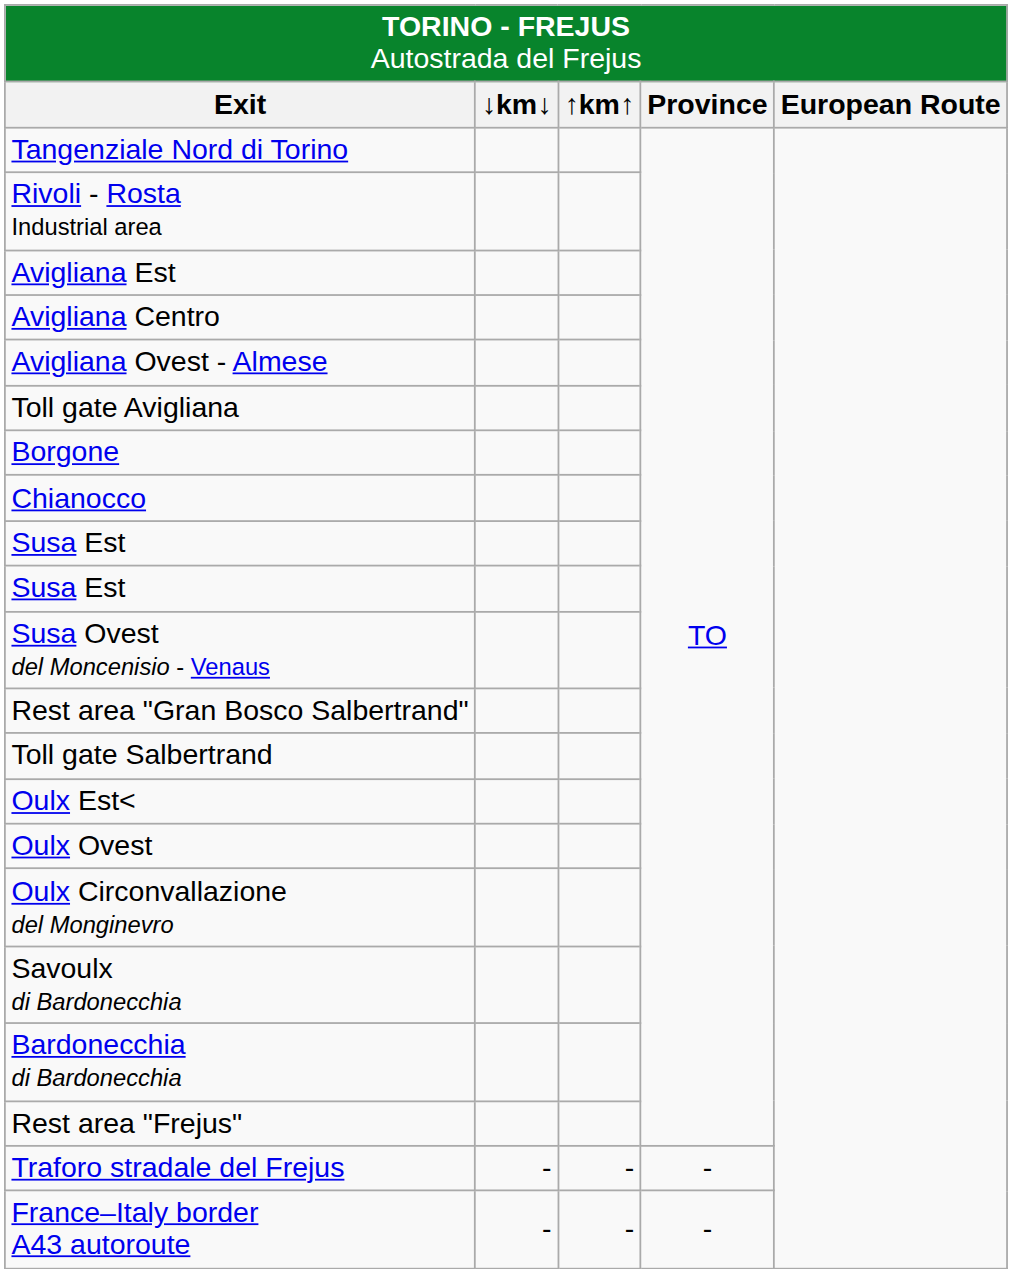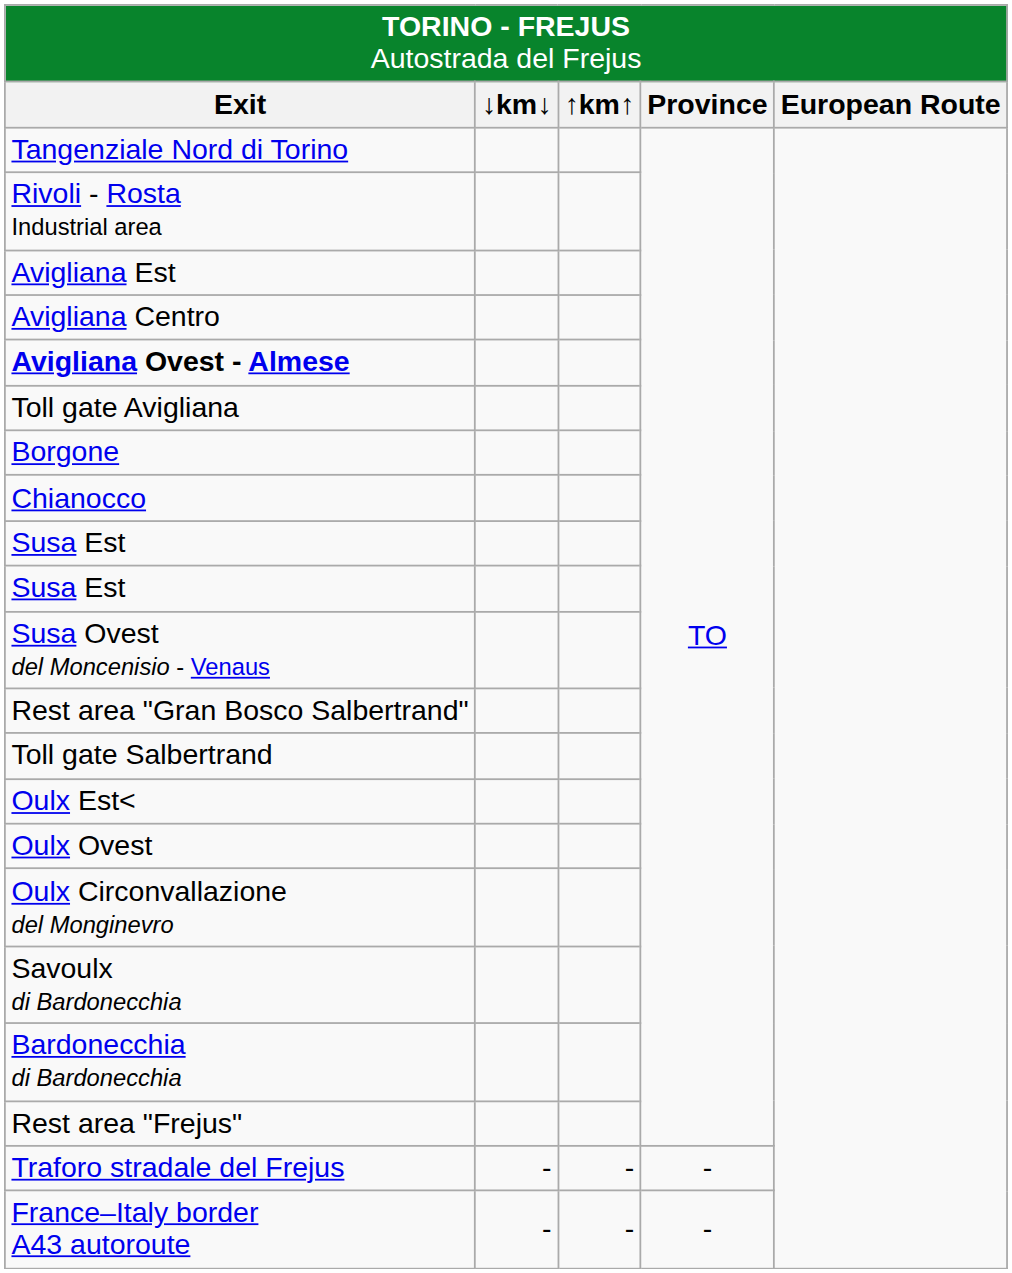 <table class="wikitable" border="1">
 <tr align="center" bgcolor="08842C" style="color: white;font-size:100%;">
 <td colspan="5"><strong> TORINO - FREJUS</strong><br>Autostrada del Frejus</td>
 </tr>
 <tr>
 <th style="text-align:center;"><strong>Exit</strong></th>
 <th style="text-align:center;"><strong>↓km↓</strong></th>
 <th style="text-align:center;"><strong>↑km↑</strong></th>
 <th align="center"><strong>Province</strong></th>
 <th align="center"><strong>European Route</strong></th>
 </tr>
 <tr>
 <td>   <a href='#'>Tangenziale Nord di Torino</a></td>
 <td align="right"></td>
 <td align="right"></td>
 <td align="center" rowspan=19><a href='#'>TO</a></td>
 <td align="center" rowspan=21></td>
 </tr>
 <tr>
 <td> <a href='#'>Rivoli</a> - <a href='#'>Rosta</a><br><small> Industrial area </small><br></td>
 <td align="right"></td>
 <td align="right"></td>
 </tr>
 <tr>
 <td> <a href='#'>Avigliana</a> Est</td>
 <td align="right"></td>
 <td align="right"></td>
 </tr>
 <tr>
 <td> <a href='#'>Avigliana</a> Centro</td>
 <td align="right"></td>
 <td align="right"></td>
 </tr>
 <tr>
-<td> <a href='#'>Avigliana</a> Ovest - <a href='#'>Almese</a></td>
+<td><strong> <a href='#'>Avigliana</a> Ovest - <a href='#'>Almese</a></strong></td>
 <td align="right"></td>
 <td align="right"></td>
 </tr>
 <tr>
 <td> Toll gate Avigliana</td>
 <td align="right"></td>
 <td align="right"></td>
 </tr>
 <tr>
 <td> <a href='#'>Borgone</a></td>
 <td align="right"></td>
 <td align="right"></td>
 </tr>
 <tr>
 <td> <a href='#'>Chianocco</a></td>
 <td align="right"></td>
 <td align="right"></td>
 </tr>
 <tr>
 <td> <a href='#'>Susa</a> Est</td>
 <td align="right"></td>
 <td align="right"></td>
 </tr>
 <tr>
 <td> <a href='#'>Susa</a> Est</td>
 <td align="right"></td>
 <td align="right"></td>
 </tr>
 <tr>
 <td> <a href='#'>Susa</a> Ovest<br> <small><em>del Moncenisio</em> - <a href='#'>Venaus</a></small></td>
 <td align="right"></td>
 <td align="right"></td>
 </tr>
 <tr>
 <td> Rest area "Gran Bosco Salbertrand"</td>
 <td align="right"></td>
 <td align="right"></td>
 </tr>
 <tr>
 <td> Toll gate Salbertrand</td>
 <td align="right"></td>
 <td align="right"></td>
 </tr>
 <tr>
 <td> <a href='#'>Oulx</a> Est<</td>
 <td align="right"></td>
 <td align="right"></td>
 </tr>
 <tr>
 <td> <a href='#'>Oulx</a> Ovest</td>
 <td align="right"></td>
 <td align="right"></td>
 </tr>
 <tr>
 <td> <a href='#'>Oulx</a> Circonvallazione<br><small> <em>del Monginevro</em></small></td>
 <td align="right"></td>
 <td align="right"></td>
 </tr>
 <tr>
 <td> Savoulx<br><small> <em>di Bardonecchia</em></small></td>
 <td align="right"></td>
 <td align="right"></td>
 </tr>
 <tr>
 <td> <a href='#'>Bardonecchia</a><br><small> <em>di Bardonecchia</em></small></td>
 <td align="right"></td>
 <td align="right"></td>
 </tr>
 <tr>
 <td> Rest area "Frejus"</td>
 <td align="right"></td>
 <td align="right"></td>
 </tr>
 <tr>
 <td>   <a href='#'>Traforo stradale del Frejus</a></td>
 <td align="right">-</td>
 <td align="right">-</td>
 <td align="center">-</td>
 </tr>
 <tr>
 <td>  <a href='#'>France–Italy border</a><br>  <a href='#'>A43 autoroute</a></td>
 <td align="right">-</td>
 <td align="right">-</td>
 <td align="center">-</td>
 </tr>
 </table>
